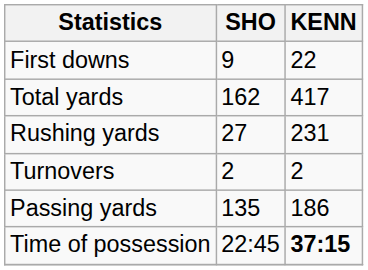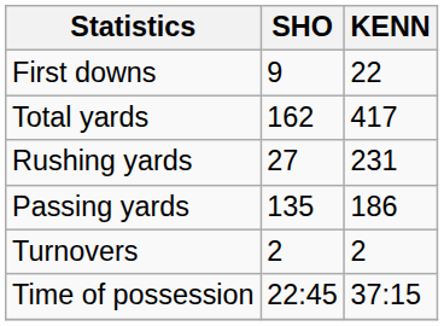 <table class="wikitable">
 <tr>
 <th>Statistics</th>
 <th>SHO</th>
 <th>KENN</th>
 </tr>
 <tr>
 <td>First downs</td>
 <td>9</td>
 <td>22</td>
 </tr>
 <tr>
 <td>Total yards</td>
 <td>162</td>
 <td>417</td>
 </tr>
 <tr>
 <td>Rushing yards</td>
 <td>27</td>
 <td>231</td>
 </tr>
 <tr>
+<td>Passing yards</td>
+<td>135</td>
+<td>186</td>
+</tr>
+<tr>
 <td>Turnovers</td>
 <td>2</td>
 <td>2</td>
 </tr>
 <tr>
-<td>Passing yards</td>
-<td>135</td>
-<td>186</td>
-</tr>
-<tr>
 <td>Time of possession</td>
 <td>22:45</td>
-<td><strong>37:15</strong></td>
+<td>37:15</td>
 </tr>
 <tr>
 </tr>
 </table>
